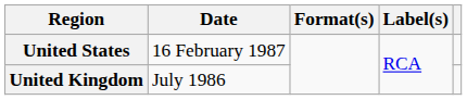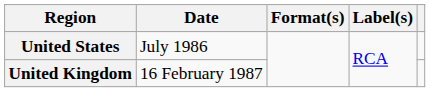 <table class="wikitable plainrowheaders">
 <tr>
 <th scope="col">Region</th>
 <th scope="col">Date</th>
 <th scope="col">Format(s)</th>
 <th scope="col">Label(s)</th>
 <th scope="col"></th>
 </tr>
 <tr>
 <th scope="row">United States</th>
-<td>16 February 1987</td>
+<td>July 1986</td>
 <td rowspan="2"></td>
 <td rowspan="2"><a href='#'>RCA</a></td>
 <td></td>
 </tr>
 <tr>
 <th scope="row">United Kingdom</th>
-<td>July 1986</td>
+<td>16 February 1987</td>
 <td></td>
 </tr>
 </table>
